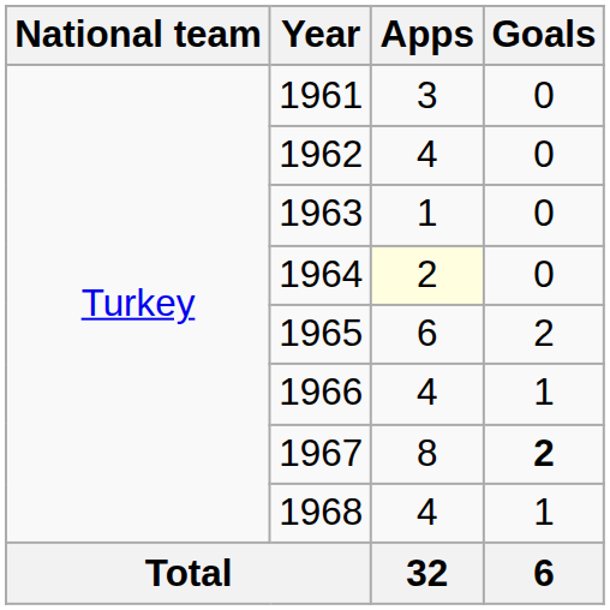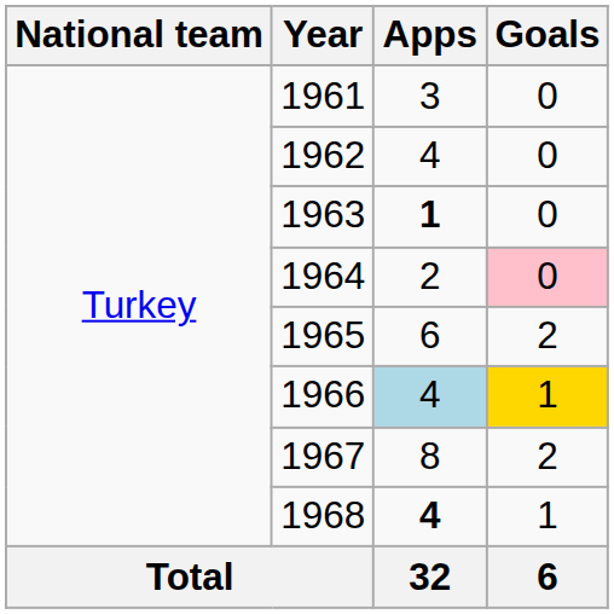 <table class=wikitable style="text-align: center;">
 <tr>
 <th>National team</th>
 <th>Year</th>
 <th>Apps</th>
 <th>Goals</th>
 </tr>
 <tr>
 <td rowspan="8"><a href='#'>Turkey</a></td>
 <td>1961</td>
 <td>3</td>
 <td>0</td>
 </tr>
 <tr>
 <td>1962</td>
 <td>4</td>
 <td>0</td>
 </tr>
 <tr>
 <td>1963</td>
-<td>1</td>
+<td><strong>1</strong></td>
 <td>0</td>
 </tr>
 <tr>
 <td>1964</td>
-<td style="background: lightyellow;">2</td>
-<td>0</td>
+<td>2</td>
+<td style="background: pink;">0</td>
 </tr>
 <tr>
 <td>1965</td>
 <td>6</td>
 <td>2</td>
 </tr>
 <tr>
 <td>1966</td>
-<td>4</td>
-<td>1</td>
+<td style="background: lightblue;">4</td>
+<td style="background: gold;">1</td>
 </tr>
 <tr>
 <td>1967</td>
 <td>8</td>
-<td><strong>2</strong></td>
+<td>2</td>
 </tr>
 <tr>
 <td>1968</td>
-<td>4</td>
+<td><strong>4</strong></td>
 <td>1</td>
 </tr>
 <tr>
 <th colspan="2">Total</th>
 <th>32</th>
 <th>6</th>
 </tr>
 </table>
